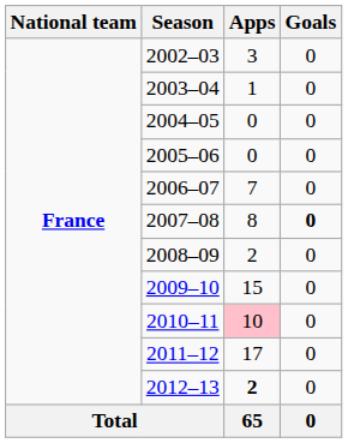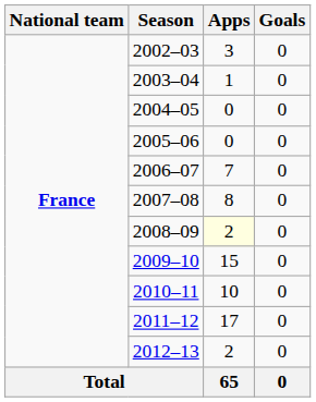 <table class="wikitable" style="text-align:center">
 <tr>
 <th>National team</th>
 <th>Season</th>
 <th>Apps</th>
 <th>Goals</th>
 </tr>
 <tr>
 <td rowspan=11 valign="center"><strong><a href='#'>France</a></strong></td>
 <td>2002–03</td>
 <td>3</td>
 <td>0</td>
 </tr>
 <tr>
 <td>2003–04</td>
 <td>1</td>
 <td>0</td>
 </tr>
 <tr>
 <td>2004–05</td>
 <td>0</td>
 <td>0</td>
 </tr>
 <tr>
 <td>2005–06</td>
 <td>0</td>
 <td>0</td>
 </tr>
 <tr>
 <td>2006–07</td>
 <td>7</td>
 <td>0</td>
 </tr>
 <tr>
 <td>2007–08</td>
 <td>8</td>
-<td><strong>0</strong></td>
+<td>0</td>
 </tr>
 <tr>
 <td>2008–09</td>
-<td>2</td>
+<td style="background: lightyellow;">2</td>
 <td>0</td>
 </tr>
 <tr>
 <td><a href='#'>2009–10</a></td>
 <td>15</td>
 <td>0</td>
 </tr>
 <tr>
 <td><a href='#'>2010–11</a></td>
-<td style="background: pink;">10</td>
+<td>10</td>
 <td>0</td>
 </tr>
 <tr>
 <td><a href='#'>2011–12</a></td>
 <td>17</td>
 <td>0</td>
 </tr>
 <tr>
 <td><a href='#'>2012–13</a></td>
-<td><strong>2</strong></td>
+<td>2</td>
 <td>0</td>
 </tr>
 <tr>
 <th colspan=2>Total</th>
 <th>65</th>
 <th>0</th>
 </tr>
 </table>
